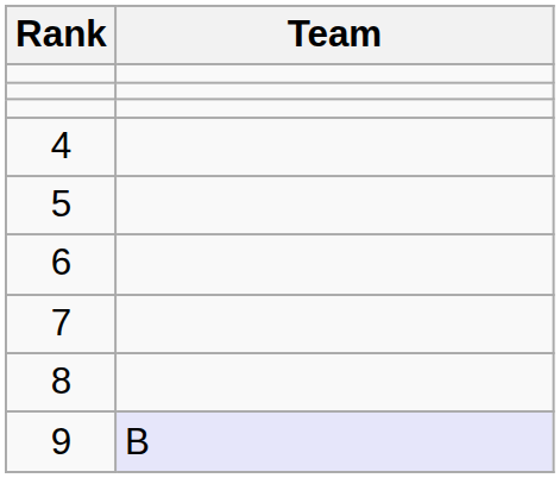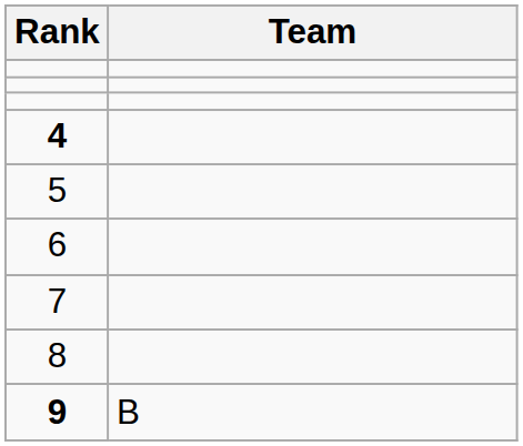 <table class="wikitable" style="text-align: center;">
 <tr>
 <th width=40>Rank</th>
 <th width=180>Team</th>
 </tr>
 <tr align=center>
 <td></td>
 <td style="text-align:left;"></td>
 </tr>
 <tr align=center>
 <td></td>
 <td style="text-align:left;"></td>
 </tr>
 <tr align=center>
 <td></td>
 <td style="text-align:left;"></td>
 </tr>
 <tr align=center>
-<td>4</td>
+<td><strong>4</strong></td>
 <td style="text-align:left;"></td>
 </tr>
 <tr align=center>
 <td>5</td>
 <td style="text-align:left;"></td>
 </tr>
 <tr align=center>
 <td>6</td>
 <td style="text-align:left;"></td>
 </tr>
 <tr align=center>
 <td>7</td>
 <td style="text-align:left;"></td>
 </tr>
 <tr align=center>
 <td>8</td>
 <td style="text-align:left;"></td>
 </tr>
 <tr align=center>
-<td>9</td>
-<td style="background: lavender; text-align:left;"> B</td>
+<td><strong>9</strong></td>
+<td style="text-align:left;"> B</td>
 </tr>
 </table>
